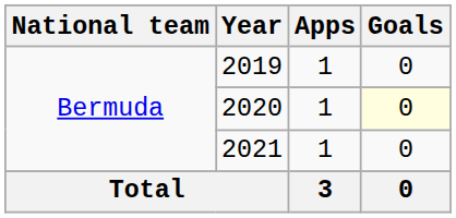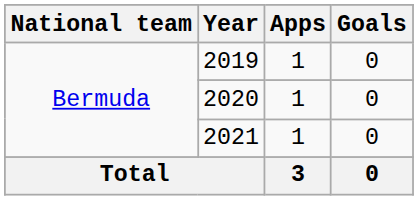 <table class="wikitable" style="text-align:center">
 <tr>
 <th>National team</th>
 <th>Year</th>
 <th>Apps</th>
 <th>Goals</th>
 </tr>
 <tr>
 <td rowspan="3"><a href='#'>Bermuda</a></td>
 <td>2019</td>
 <td>1</td>
 <td>0</td>
 </tr>
 <tr>
 <td>2020</td>
 <td>1</td>
-<td style="background: lightyellow;">0</td>
+<td>0</td>
 </tr>
 <tr>
 <td>2021</td>
 <td>1</td>
 <td>0</td>
 </tr>
 <tr>
 <th colspan=2>Total</th>
 <th>3</th>
 <th>0</th>
 </tr>
 </table>
